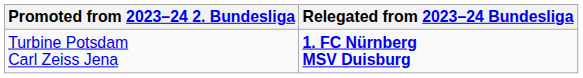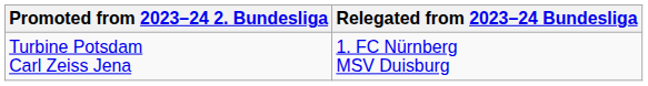 <table class="wikitable">
 <tr>
 <th>Promoted from <a href='#'>2023–24 2. Bundesliga</a></th>
 <th>Relegated from <a href='#'>2023–24 Bundesliga</a></th>
 </tr>
 <tr>
 <td><a href='#'>Turbine Potsdam</a><br><a href='#'>Carl Zeiss Jena</a></td>
-<td><strong><a href='#'>1. FC Nürnberg</a><br><a href='#'>MSV Duisburg</a></strong></td>
+<td><a href='#'>1. FC Nürnberg</a><br><a href='#'>MSV Duisburg</a></td>
 </tr>
 </table>
